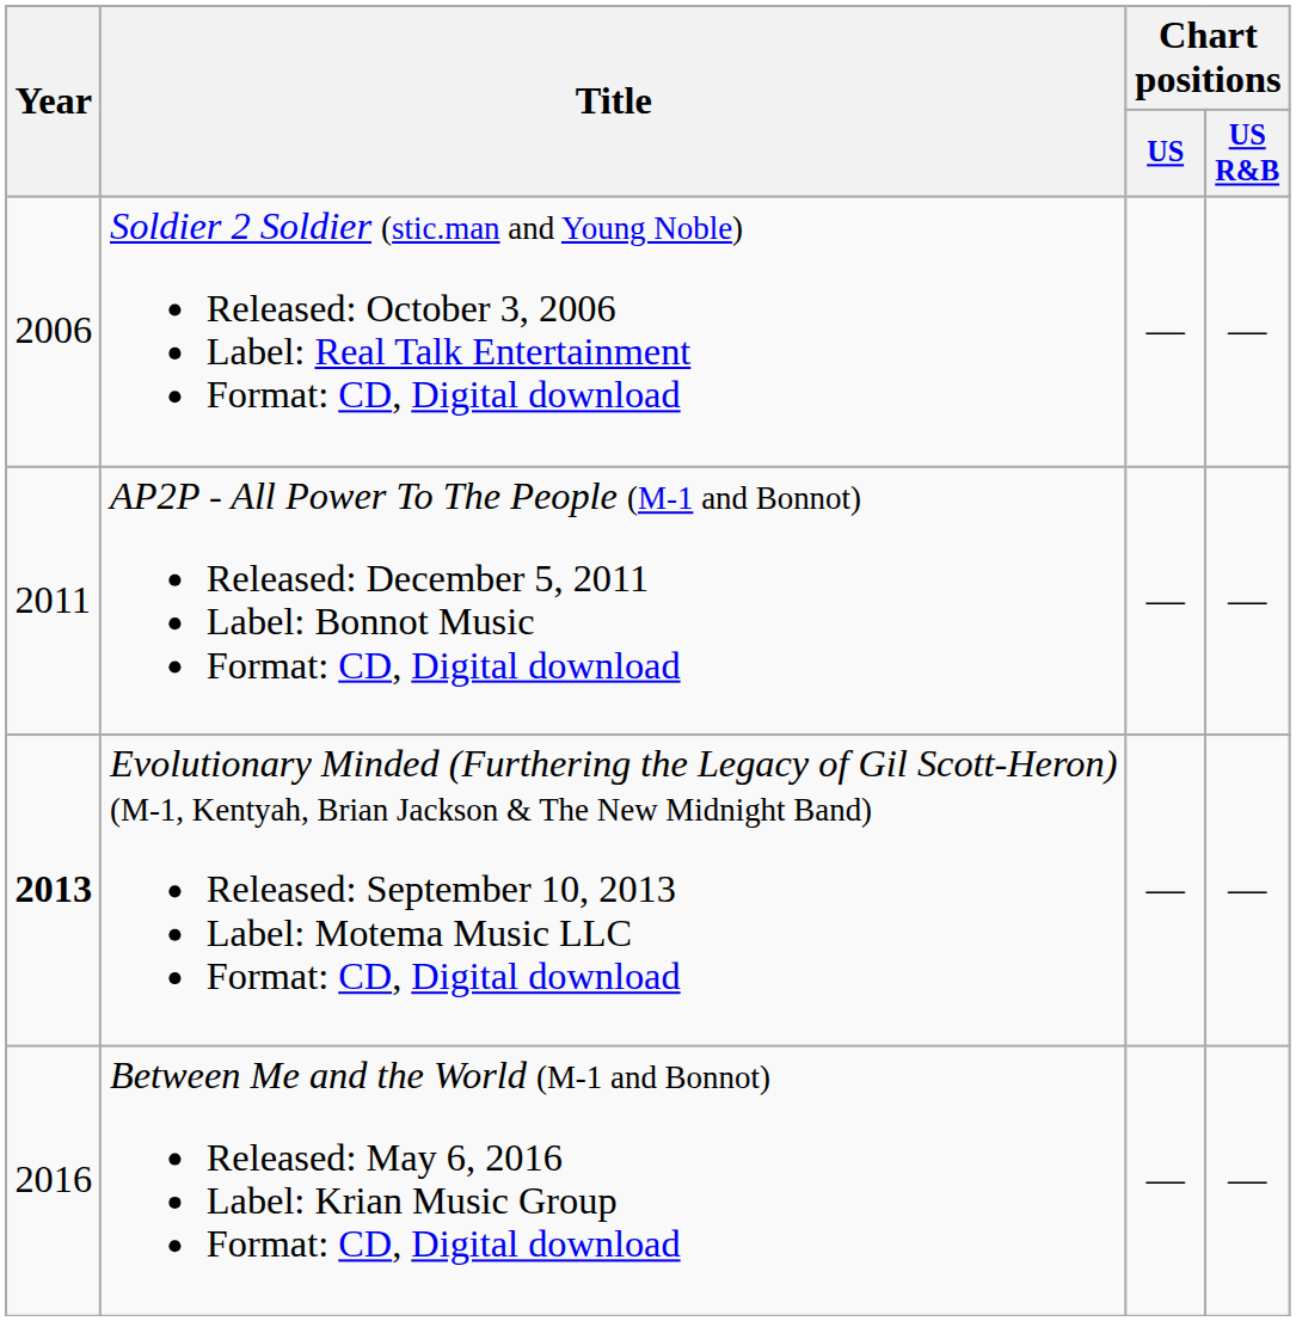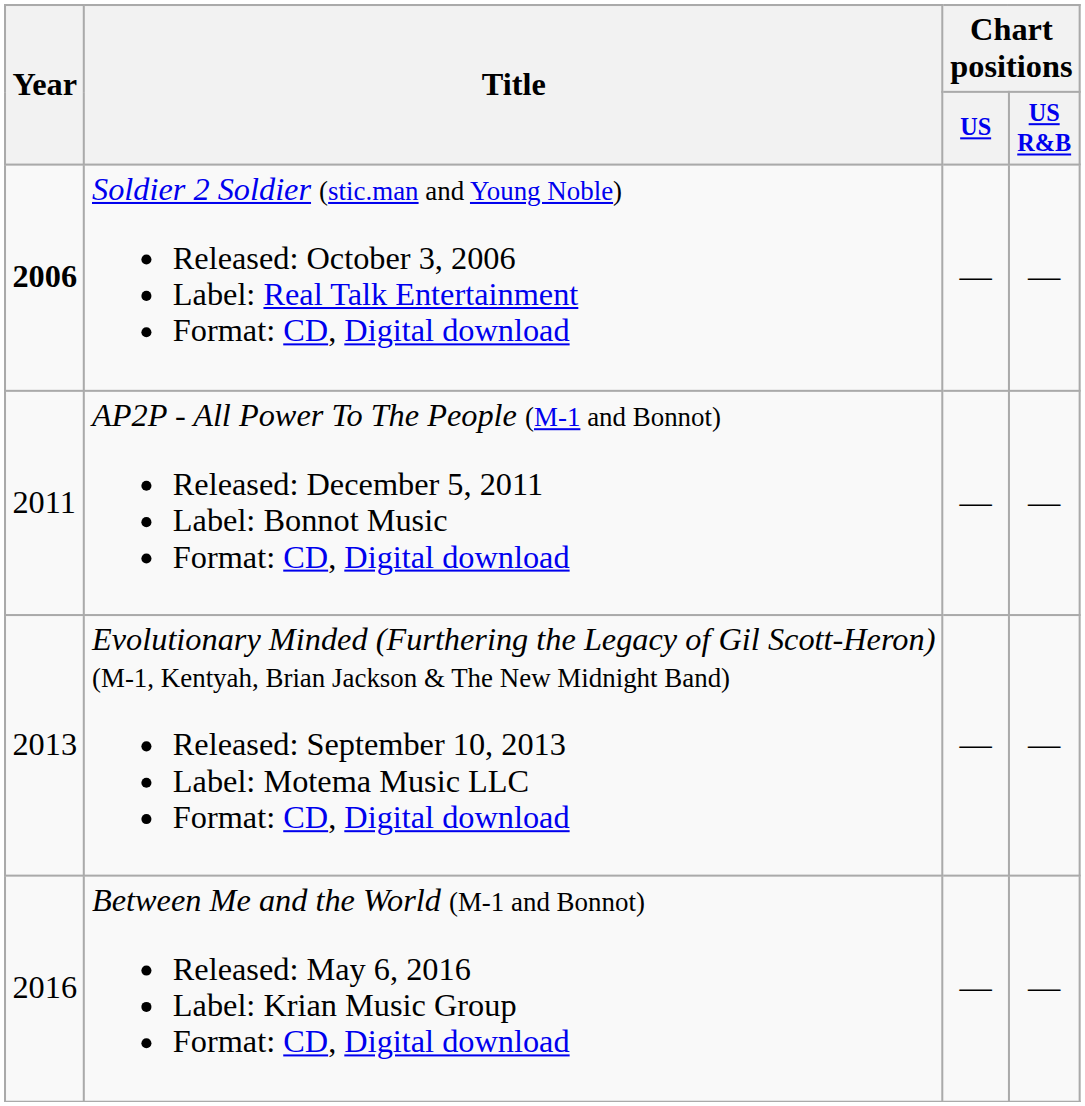 <table class="wikitable">
 <tr>
 <th rowspan="2">Year</th>
 <th rowspan="2">Title</th>
 <th colspan="2">Chart positions</th>
 </tr>
 <tr>
 <th style="width:2em;font-size:75%"><a href='#'>US</a></th>
 <th style="width:2em;font-size:75%"><a href='#'>US R&B</a></th>
 </tr>
 <tr>
-<td>2006</td>
+<td><strong>2006</strong></td>
 <td><em><a href='#'>Soldier 2 Soldier</a></em> <small>(<a href='#'>stic.man</a> and <a href='#'>Young Noble</a>)</small><br><ul><li>Released: October 3, 2006</li><li>Label: <a href='#'>Real Talk Entertainment</a></li><li>Format: <a href='#'>CD</a>, <a href='#'>Digital download</a></li></ul></td>
 <td align="center">—</td>
 <td align="center">—</td>
 </tr>
 <tr>
 <td>2011</td>
 <td><em>AP2P - All Power To The People</em> <small>(<a href='#'>M-1</a> and Bonnot)</small><br><ul><li>Released: December 5, 2011</li><li>Label: Bonnot Music</li><li>Format: <a href='#'>CD</a>, <a href='#'>Digital download</a></li></ul></td>
 <td align="center">—</td>
 <td align="center">—</td>
 </tr>
 <tr>
-<td><strong>2013</strong></td>
+<td>2013</td>
 <td><em>Evolutionary Minded (Furthering the Legacy of Gil Scott-Heron)</em><br><small>(M-1, Kentyah, Brian Jackson & The New Midnight Band)</small><ul><li>Released: September 10, 2013</li><li>Label: Motema Music LLC</li><li>Format: <a href='#'>CD</a>, <a href='#'>Digital download</a></li></ul></td>
 <td align="center">—</td>
 <td align="center">—</td>
 </tr>
 <tr>
 <td>2016</td>
 <td><em>Between Me and the World</em> <small>(M-1 and Bonnot)</small><br><ul><li>Released: May 6, 2016</li><li>Label: Krian Music Group</li><li>Format: <a href='#'>CD</a>, <a href='#'>Digital download</a></li></ul></td>
 <td align="center">—</td>
 <td align="center">—</td>
 </tr>
 <tr>
 </tr>
 </table>
